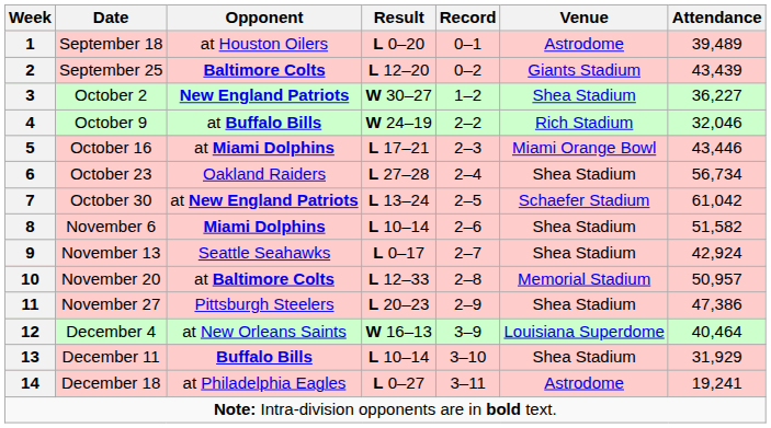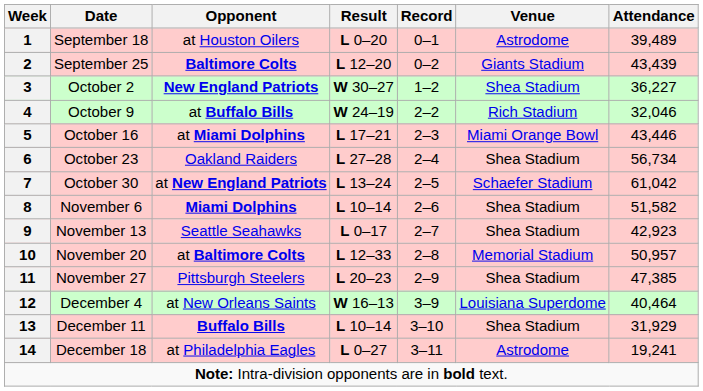 <table class="wikitable" style="text-align:center">
 <tr>
 <th>Week</th>
 <th>Date</th>
 <th>Opponent</th>
 <th>Result</th>
 <th>Record</th>
 <th>Venue</th>
 <th>Attendance</th>
 </tr>
 <tr style="background:#fcc">
 <th>1</th>
 <td>September 18</td>
 <td>at <a href='#'>Houston Oilers</a></td>
 <td><strong>L</strong> 0–20</td>
 <td>0–1</td>
 <td><a href='#'>Astrodome</a></td>
 <td>39,489</td>
 </tr>
 <tr style="background:#fcc">
 <th>2</th>
 <td>September 25</td>
 <td><strong><a href='#'>Baltimore Colts</a></strong></td>
 <td><strong>L</strong> 12–20</td>
 <td>0–2</td>
 <td><a href='#'>Giants Stadium</a></td>
 <td>43,439</td>
 </tr>
 <tr style="background:#cfc">
 <th>3</th>
 <td>October 2</td>
 <td><strong><a href='#'>New England Patriots</a></strong></td>
 <td><strong>W</strong> 30–27</td>
 <td>1–2</td>
 <td><a href='#'>Shea Stadium</a></td>
 <td>36,227</td>
 </tr>
 <tr style="background:#cfc">
 <th>4</th>
 <td>October 9</td>
 <td>at <strong><a href='#'>Buffalo Bills</a></strong></td>
 <td><strong>W</strong> 24–19</td>
 <td>2–2</td>
 <td><a href='#'>Rich Stadium</a></td>
 <td>32,046</td>
 </tr>
 <tr style="background:#fcc">
 <th>5</th>
 <td>October 16</td>
 <td>at <strong><a href='#'>Miami Dolphins</a></strong></td>
 <td><strong>L</strong> 17–21</td>
 <td>2–3</td>
 <td><a href='#'>Miami Orange Bowl</a></td>
 <td>43,446</td>
 </tr>
 <tr style="background:#fcc">
 <th>6</th>
 <td>October 23</td>
 <td><a href='#'>Oakland Raiders</a></td>
 <td><strong>L</strong> 27–28</td>
 <td>2–4</td>
 <td>Shea Stadium</td>
 <td>56,734</td>
 </tr>
 <tr style="background:#fcc">
 <th>7</th>
 <td>October 30</td>
 <td>at <strong><a href='#'>New England Patriots</a></strong></td>
 <td><strong>L</strong> 13–24</td>
 <td>2–5</td>
 <td><a href='#'>Schaefer Stadium</a></td>
 <td>61,042</td>
 </tr>
 <tr style="background:#fcc">
 <th>8</th>
 <td>November 6</td>
 <td><strong><a href='#'>Miami Dolphins</a></strong></td>
 <td><strong>L</strong> 10–14</td>
 <td>2–6</td>
 <td>Shea Stadium</td>
 <td>51,582</td>
 </tr>
 <tr style="background:#fcc">
 <th>9</th>
 <td>November 13</td>
 <td><a href='#'>Seattle Seahawks</a></td>
 <td><strong>L</strong> 0–17</td>
 <td>2–7</td>
 <td>Shea Stadium</td>
-<td>42,924</td>
+<td>42,923</td>
 </tr>
 <tr style="background:#fcc">
 <th>10</th>
 <td>November 20</td>
 <td>at <strong><a href='#'>Baltimore Colts</a></strong></td>
 <td><strong>L</strong> 12–33</td>
 <td>2–8</td>
 <td><a href='#'>Memorial Stadium</a></td>
 <td>50,957</td>
 </tr>
 <tr style="background:#fcc">
 <th>11</th>
 <td>November 27</td>
 <td><a href='#'>Pittsburgh Steelers</a></td>
 <td><strong>L</strong> 20–23</td>
 <td>2–9</td>
 <td>Shea Stadium</td>
-<td>47,386</td>
+<td>47,385</td>
 </tr>
 <tr style="background:#cfc">
 <th>12</th>
 <td>December 4</td>
 <td>at <a href='#'>New Orleans Saints</a></td>
 <td><strong>W</strong> 16–13</td>
 <td>3–9</td>
 <td><a href='#'>Louisiana Superdome</a></td>
 <td>40,464</td>
 </tr>
 <tr style="background:#fcc">
 <th>13</th>
 <td>December 11</td>
 <td><strong><a href='#'>Buffalo Bills</a></strong></td>
 <td><strong>L</strong> 10–14</td>
 <td>3–10</td>
 <td>Shea Stadium</td>
 <td>31,929</td>
 </tr>
 <tr style="background:#fcc">
 <th>14</th>
 <td>December 18</td>
 <td>at <a href='#'>Philadelphia Eagles</a></td>
 <td><strong>L</strong> 0–27</td>
 <td>3–11</td>
 <td><a href='#'>Astrodome</a></td>
 <td>19,241</td>
 </tr>
 <tr>
 <td colspan="8"><strong>Note:</strong> Intra-division opponents are in <strong>bold</strong> text.</td>
 </tr>
 </table>
